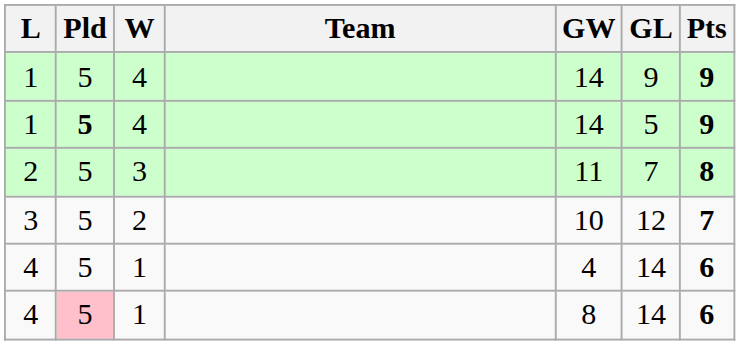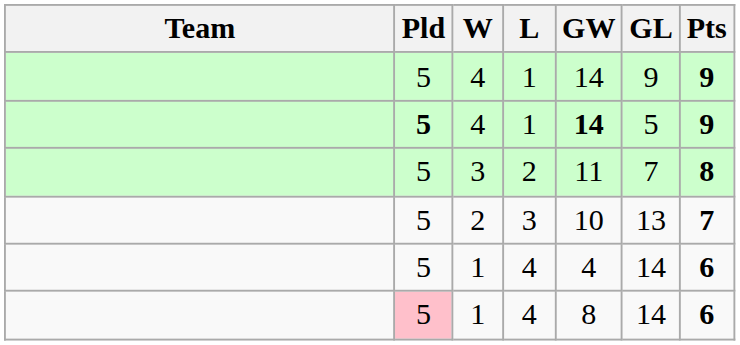 <table class="wikitable" style="text-align:center">
 <tr>
-<th width=20>L</th>
+<th width=200>Team</th>
 <th width=20>Pld</th>
 <th width=20>W</th>
-<th width=200>Team</th>
+<th width=20>L</th>
 <th width=20>GW</th>
 <th width=20>GL</th>
 <th width=20>Pts</th>
 </tr>
 <tr bgcolor="ccffcc">
-<td>1</td>
+<td style="text-align:left;"></td>
 <td>5</td>
 <td>4</td>
-<td style="text-align:left;"></td>
+<td>1</td>
 <td>14</td>
 <td>9</td>
 <td><strong>9</strong></td>
 </tr>
 <tr bgcolor="ccffcc">
-<td>1</td>
+<td style="text-align:left;"></td>
 <td><strong>5</strong></td>
 <td>4</td>
-<td style="text-align:left;"></td>
-<td>14</td>
+<td>1</td>
+<td><strong>14</strong></td>
 <td>5</td>
 <td><strong>9</strong></td>
 </tr>
 <tr bgcolor="ccffcc">
-<td>2</td>
+<td style="text-align:left;"></td>
 <td>5</td>
 <td>3</td>
-<td style="text-align:left;"></td>
+<td>2</td>
 <td>11</td>
 <td>7</td>
 <td><strong>8</strong></td>
 </tr>
 <tr>
-<td>3</td>
+<td style="text-align:left;"></td>
 <td>5</td>
 <td>2</td>
-<td style="text-align:left;"></td>
+<td>3</td>
 <td>10</td>
-<td>12</td>
+<td>13</td>
 <td><strong>7</strong></td>
 </tr>
 <tr>
-<td>4</td>
+<td style="text-align:left;"></td>
 <td>5</td>
 <td>1</td>
-<td style="text-align:left;"></td>
+<td>4</td>
 <td>4</td>
 <td>14</td>
 <td><strong>6</strong></td>
 </tr>
 <tr>
-<td>4</td>
+<td style="text-align:left;"></td>
 <td style="background: pink;">5</td>
 <td>1</td>
-<td style="text-align:left;"></td>
+<td>4</td>
 <td>8</td>
 <td>14</td>
 <td><strong>6</strong></td>
 </tr>
 </table>
